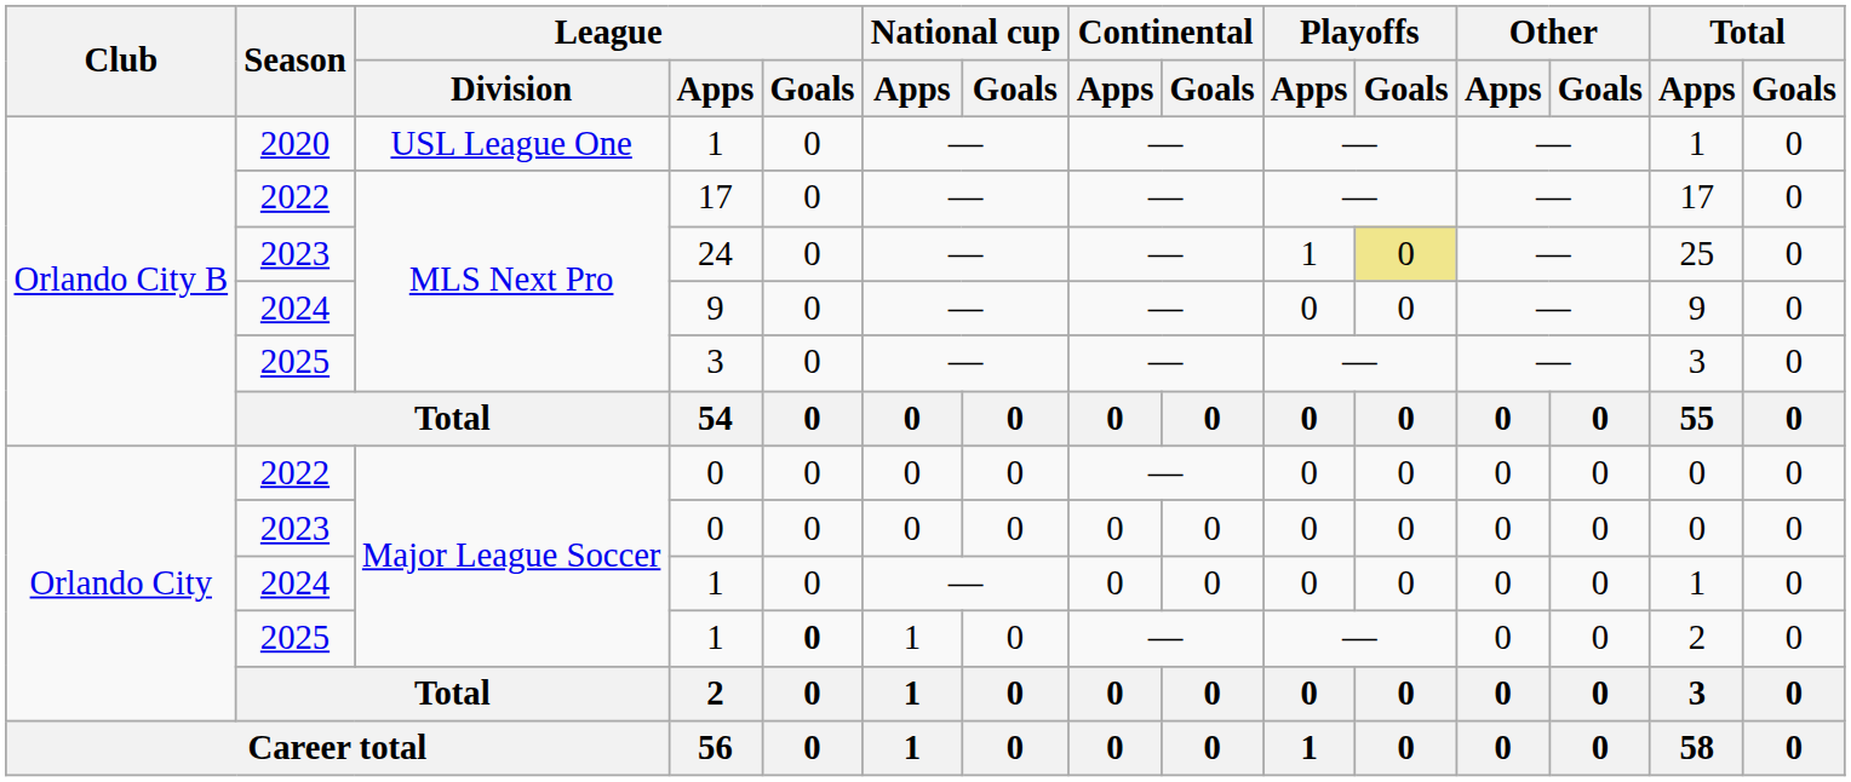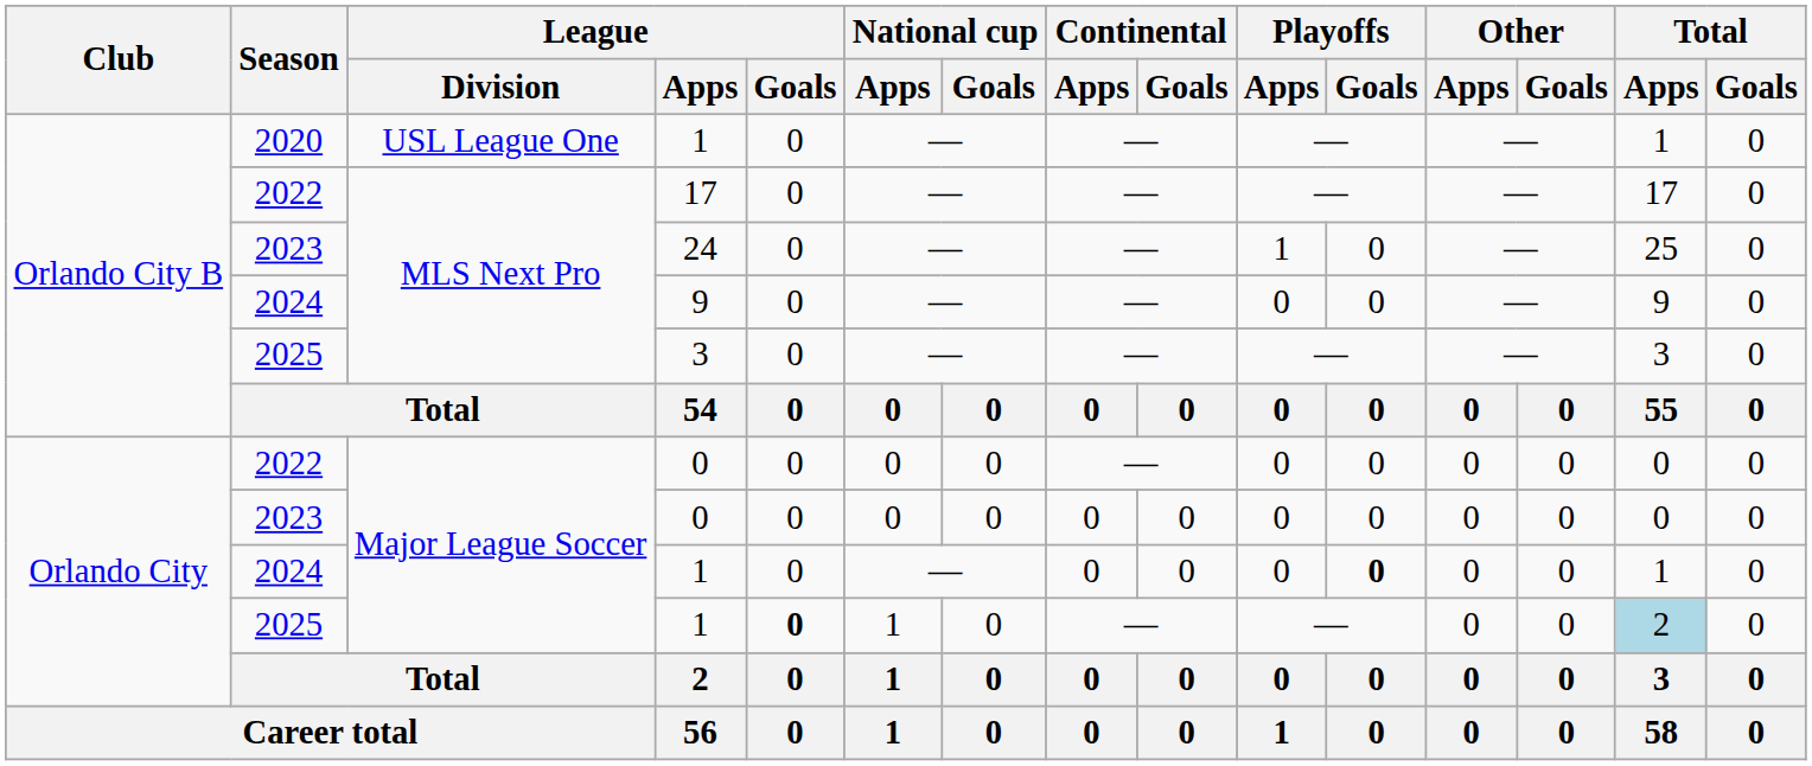 <table class="wikitable" style="text-align:center;">
 <tr>
 <th rowspan="2">Club</th>
 <th rowspan="2">Season</th>
 <th colspan="3">League</th>
 <th colspan="2">National cup</th>
 <th colspan="2">Continental</th>
 <th colspan="2">Playoffs</th>
 <th colspan="2">Other</th>
 <th colspan="2">Total</th>
 </tr>
 <tr>
 <th>Division</th>
 <th>Apps</th>
 <th>Goals</th>
 <th>Apps</th>
 <th>Goals</th>
 <th>Apps</th>
 <th>Goals</th>
 <th>Apps</th>
 <th>Goals</th>
 <th>Apps</th>
 <th>Goals</th>
 <th>Apps</th>
 <th>Goals</th>
 </tr>
 <tr>
 <td rowspan="6"><a href='#'>Orlando City B</a></td>
 <td><a href='#'>2020</a></td>
 <td><a href='#'>USL League One</a></td>
 <td>1</td>
 <td>0</td>
 <td colspan="2">—</td>
 <td colspan="2">—</td>
 <td colspan="2">—</td>
 <td colspan="2">—</td>
 <td>1</td>
 <td>0</td>
 </tr>
 <tr>
 <td><a href='#'>2022</a></td>
 <td rowspan="4"><a href='#'>MLS Next Pro</a></td>
 <td>17</td>
 <td>0</td>
 <td colspan="2">—</td>
 <td colspan="2">—</td>
 <td colspan="2">—</td>
 <td colspan="2">—</td>
 <td>17</td>
 <td>0</td>
 </tr>
 <tr>
 <td><a href='#'>2023</a></td>
 <td>24</td>
 <td>0</td>
 <td colspan="2">—</td>
 <td colspan="2">—</td>
 <td>1</td>
-<td style="background: khaki;">0</td>
+<td>0</td>
 <td colspan="2">—</td>
 <td>25</td>
 <td>0</td>
 </tr>
 <tr>
 <td><a href='#'>2024</a></td>
 <td>9</td>
 <td>0</td>
 <td colspan="2">—</td>
 <td colspan="2">—</td>
 <td>0</td>
 <td>0</td>
 <td colspan="2">—</td>
 <td>9</td>
 <td>0</td>
 </tr>
 <tr>
 <td><a href='#'>2025</a></td>
 <td>3</td>
 <td>0</td>
 <td colspan="2">—</td>
 <td colspan="2">—</td>
 <td colspan="2">—</td>
 <td colspan="2">—</td>
 <td>3</td>
 <td>0</td>
 </tr>
 <tr>
 <th colspan="2">Total</th>
 <th>54</th>
 <th>0</th>
 <th>0</th>
 <th>0</th>
 <th>0</th>
 <th>0</th>
 <th>0</th>
 <th>0</th>
 <th>0</th>
 <th>0</th>
 <th>55</th>
 <th>0</th>
 </tr>
 <tr>
 <td rowspan="5"><a href='#'>Orlando City</a></td>
 <td><a href='#'>2022</a></td>
 <td rowspan="4"><a href='#'>Major League Soccer</a></td>
 <td>0</td>
 <td>0</td>
 <td>0</td>
 <td>0</td>
 <td colspan="2">—</td>
 <td>0</td>
 <td>0</td>
 <td>0</td>
 <td>0</td>
 <td>0</td>
 <td>0</td>
 </tr>
 <tr>
 <td><a href='#'>2023</a></td>
 <td>0</td>
 <td>0</td>
 <td>0</td>
 <td>0</td>
 <td>0</td>
 <td>0</td>
 <td>0</td>
 <td>0</td>
 <td>0</td>
 <td>0</td>
 <td>0</td>
 <td>0</td>
 </tr>
 <tr>
 <td><a href='#'>2024</a></td>
 <td>1</td>
 <td>0</td>
 <td colspan="2">—</td>
 <td>0</td>
 <td>0</td>
 <td>0</td>
-<td>0</td>
+<td><strong>0</strong></td>
 <td>0</td>
 <td>0</td>
 <td>1</td>
 <td>0</td>
 </tr>
 <tr>
 <td><a href='#'>2025</a></td>
 <td>1</td>
 <td><strong>0</strong></td>
 <td>1</td>
 <td>0</td>
 <td colspan="2">—</td>
 <td colspan="2">—</td>
 <td>0</td>
 <td>0</td>
-<td>2</td>
+<td style="background: lightblue;">2</td>
 <td>0</td>
 </tr>
 <tr>
 <th colspan="2">Total</th>
 <th>2</th>
 <th>0</th>
 <th>1</th>
 <th>0</th>
 <th>0</th>
 <th>0</th>
 <th>0</th>
 <th>0</th>
 <th>0</th>
 <th>0</th>
 <th>3</th>
 <th>0</th>
 </tr>
 <tr>
 <th colspan="3">Career total</th>
 <th>56</th>
 <th>0</th>
 <th>1</th>
 <th>0</th>
 <th>0</th>
 <th>0</th>
 <th>1</th>
 <th>0</th>
 <th>0</th>
 <th>0</th>
 <th>58</th>
 <th>0</th>
 </tr>
 </table>
